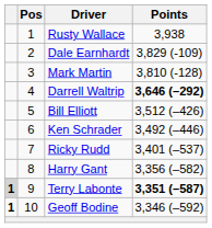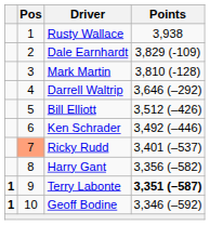 <table class="wikitable" style="font-size: 95%;">
 <tr>
 <th></th>
 <th>Pos</th>
 <th>Driver</th>
 <th>Points</th>
 </tr>
 <tr>
 <td align="left"></td>
 <td style="text-align:center;">1</td>
 <td><a href='#'>Rusty Wallace</a></td>
 <td style="text-align:center;">3,938</td>
 </tr>
 <tr>
 <td align="left"></td>
 <td style="text-align:center;">2</td>
 <td><a href='#'>Dale Earnhardt</a></td>
 <td style="text-align:center;">3,829 (-109)</td>
 </tr>
 <tr>
 <td align="left"></td>
 <td style="text-align:center;">3</td>
 <td><a href='#'>Mark Martin</a></td>
 <td style="text-align:center;">3,810 (-128)</td>
 </tr>
 <tr>
 <td align="left"></td>
 <td style="text-align:center;">4</td>
 <td><a href='#'>Darrell Waltrip</a></td>
-<td style="text-align:center;"><strong>3,646 (–292)</strong></td>
+<td style="text-align:center;">3,646 (–292)</td>
 </tr>
 <tr>
 <td align="left"></td>
 <td style="text-align:center;">5</td>
 <td><a href='#'>Bill Elliott</a></td>
 <td style="text-align:center;">3,512 (–426)</td>
 </tr>
 <tr>
 <td align="left"></td>
 <td style="text-align:center;">6</td>
 <td><a href='#'>Ken Schrader</a></td>
 <td style="text-align:center;">3,492 (–446)</td>
 </tr>
 <tr>
 <td align="left"></td>
-<td style="text-align:center;">7</td>
+<td style="background: lightsalmon; text-align:center;">7</td>
 <td><a href='#'>Ricky Rudd</a></td>
 <td style="text-align:center;">3,401 (–537)</td>
 </tr>
 <tr>
 <td align="left"></td>
 <td style="text-align:center;">8</td>
 <td><a href='#'>Harry Gant</a></td>
 <td style="text-align:center;">3,356 (–582)</td>
 </tr>
 <tr>
-<td align="left" style="background: lightgrey;">  <strong>1</strong></td>
+<td align="left">  <strong>1</strong></td>
 <td style="text-align:center;">9</td>
 <td><a href='#'>Terry Labonte</a></td>
 <td style="text-align:center;"><strong>3,351 (–587)</strong></td>
 </tr>
 <tr>
 <td align="left">  <strong>1</strong></td>
 <td style="text-align:center;">10</td>
 <td><a href='#'>Geoff Bodine</a></td>
 <td style="text-align:center;">3,346 (–592)</td>
 </tr>
 <tr class="sortbottom">
 <th colspan="9"></th>
 </tr>
 </table>
